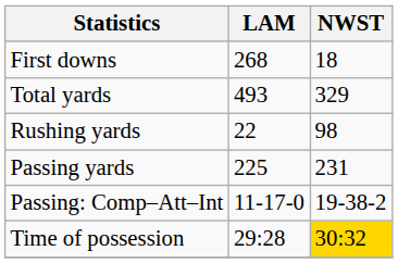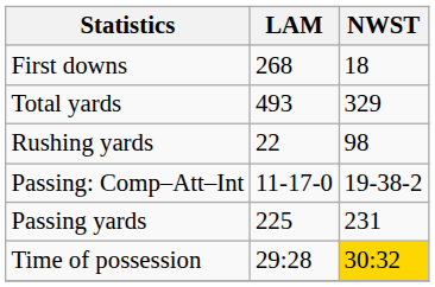 <table class="wikitable" style="float: left;">
 <tr>
 <th>Statistics</th>
 <th>LAM</th>
 <th>NWST</th>
 </tr>
 <tr>
 <td>First downs</td>
 <td>268</td>
 <td>18</td>
 </tr>
 <tr>
 <td>Total yards</td>
 <td>493</td>
 <td>329</td>
 </tr>
 <tr>
 <td>Rushing yards</td>
 <td>22</td>
 <td>98</td>
 </tr>
 <tr>
+<td>Passing: Comp–Att–Int</td>
+<td>11-17-0</td>
+<td>19-38-2</td>
+</tr>
+<tr>
 <td>Passing yards</td>
 <td>225</td>
 <td>231</td>
-</tr>
-<tr>
-<td>Passing: Comp–Att–Int</td>
-<td>11-17-0</td>
-<td>19-38-2</td>
 </tr>
 <tr>
 <td>Time of possession</td>
 <td>29:28</td>
 <td style="background: gold;">30:32</td>
 </tr>
 <tr>
 </tr>
 </table>
